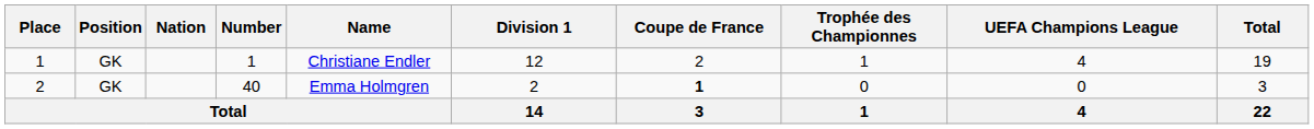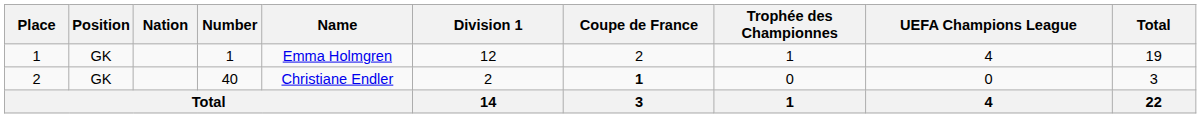 <table class="wikitable" style="font-size: 95%; text-align: center;">
 <tr>
 <th width=60>Place</th>
 <th width=60>Position</th>
 <th width=60>Nation</th>
 <th width=60>Number</th>
 <th width=150>Name</th>
 <th width=150>Division 1</th>
 <th width=150>Coupe de France</th>
 <th width=150>Trophée des Championnes</th>
 <th width=250>UEFA Champions League</th>
 <th width=80>Total</th>
 </tr>
 <tr>
 <td>1</td>
 <td>GK</td>
 <td></td>
 <td>1</td>
-<td><a href='#'>Christiane Endler</a></td>
+<td><a href='#'>Emma Holmgren</a></td>
 <td>12</td>
 <td>2</td>
 <td>1</td>
 <td>4</td>
 <td>19</td>
 </tr>
 <tr>
 <td>2</td>
 <td>GK</td>
 <td></td>
 <td>40</td>
-<td><a href='#'>Emma Holmgren</a></td>
+<td><a href='#'>Christiane Endler</a></td>
 <td>2</td>
 <td><strong>1</strong></td>
 <td>0</td>
 <td>0</td>
 <td>3</td>
 </tr>
 <tr>
 <th colspan=5>Total</th>
 <th>14</th>
 <th>3</th>
 <th>1</th>
 <th>4</th>
 <th>22</th>
 </tr>
 </table>
